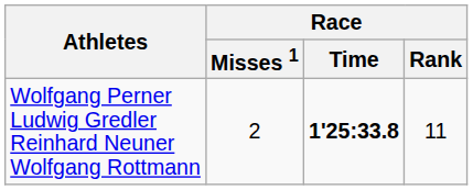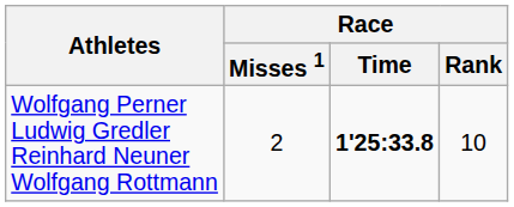 <table class="wikitable" border="1" style="font-size:90%">
 <tr>
 <th rowspan=2>Athletes</th>
 <th colspan=3>Race</th>
 </tr>
 <tr>
 <th>Misses <sup>1</sup></th>
 <th>Time</th>
 <th>Rank</th>
 </tr>
 <tr>
 <td><a href='#'>Wolfgang Perner</a><br><a href='#'>Ludwig Gredler</a><br><a href='#'>Reinhard Neuner</a><br><a href='#'>Wolfgang Rottmann</a></td>
 <td align=center>2</td>
 <td align=center><strong>1'25:33.8</strong></td>
-<td align=center>11</td>
+<td align=center>10</td>
 </tr>
 </table>
